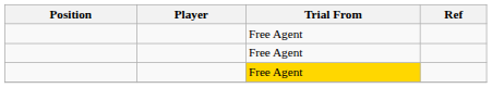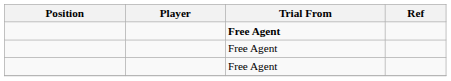 <table class="wikitable sortable" style="width:50%; text-align:center; font-size:100%; text-align:left;">
 <tr>
 <th><strong>Position</strong></th>
 <th><strong>Player</strong></th>
 <th><strong>Trial From</strong></th>
 <th><strong>Ref</strong></th>
+</tr>
+<tr>
+<td></td>
+<td></td>
+<td><strong>Free Agent</strong></td>
+<td></td>
 </tr>
 <tr>
 <td></td>
 <td></td>
 <td>Free Agent</td>
 <td></td>
 </tr>
 <tr>
 <td></td>
 <td></td>
 <td>Free Agent</td>
 <td></td>
 </tr>
 <tr>
-<td></td>
-<td></td>
-<td style="background: gold;">Free Agent</td>
-<td></td>
-</tr>
-<tr>
 </tr>
 </table>
